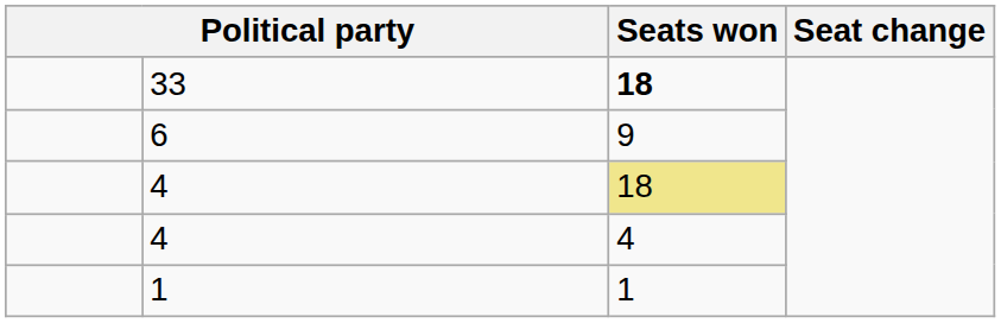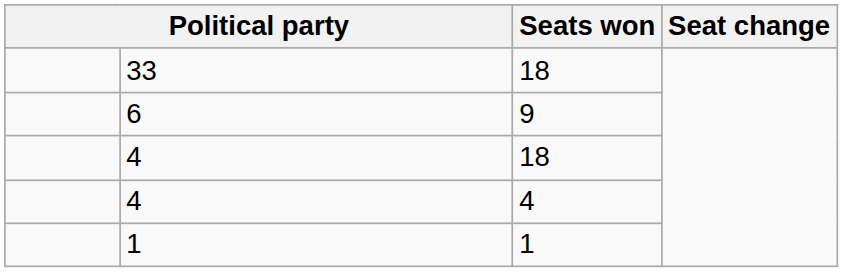 <table class="wikitable">
 <tr>
 <th colspan="2" style="width:18em">Political party</th>
 <th>Seats won</th>
 <th>Seat change</th>
 </tr>
 <tr>
 <td></td>
 <td>33</td>
-<td><strong> 18</strong></td>
+<td> 18</td>
 </tr>
 <tr>
 <td></td>
 <td>6</td>
 <td> 9</td>
 </tr>
 <tr>
 <td></td>
 <td>4</td>
-<td style="background: khaki;"> 18</td>
+<td> 18</td>
 </tr>
 <tr>
 <td></td>
 <td>4</td>
 <td> 4</td>
 </tr>
 <tr>
 <td></td>
 <td>1</td>
 <td> 1</td>
 </tr>
 </table>
